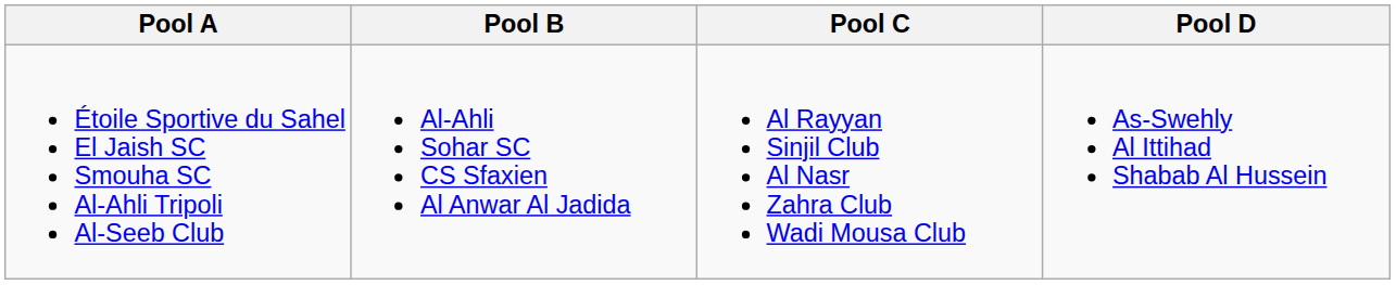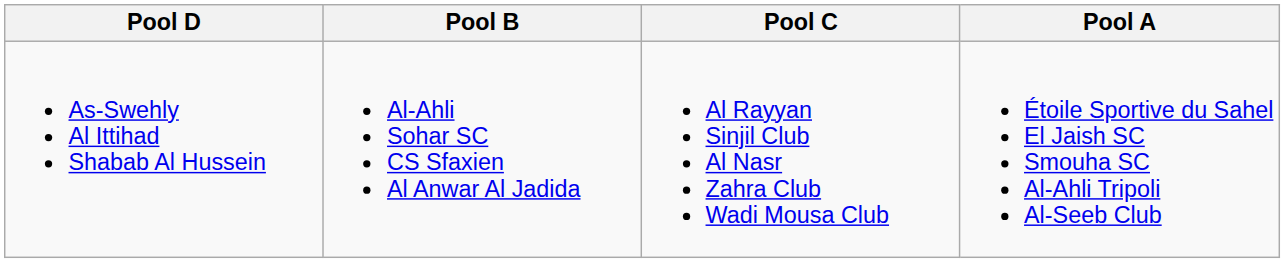 <table class="wikitable">
 <tr>
-<th width=25%>Pool A</th>
+<th width=25%>Pool D</th>
 <th width=25%>Pool B</th>
 <th width=25%>Pool C</th>
-<th width=25%>Pool D</th>
+<th width=25%>Pool A</th>
 </tr>
 <tr style="vertical-align: top;">
-<td><br><ul><li> <a href='#'>Étoile Sportive du Sahel</a></li><li> <a href='#'>El Jaish SC</a></li><li> <a href='#'>Smouha SC</a></li><li> <a href='#'>Al-Ahli Tripoli</a></li><li> <a href='#'>Al-Seeb Club</a></li></ul></td>
+<td><br><ul><li> <a href='#'>As-Swehly</a></li><li> <a href='#'>Al Ittihad</a></li><li> <a href='#'>Shabab Al Hussein</a></li></ul></td>
 <td><br><ul><li> <a href='#'>Al-Ahli</a></li><li> <a href='#'>Sohar SC</a></li><li> <a href='#'>CS Sfaxien</a></li><li> <a href='#'>Al Anwar Al Jadida</a></li></ul></td>
 <td><br><ul><li> <a href='#'>Al Rayyan</a></li><li> <a href='#'>Sinjil Club</a></li><li> <a href='#'>Al Nasr</a></li><li> <a href='#'>Zahra Club</a></li><li> <a href='#'>Wadi Mousa Club</a></li></ul></td>
-<td><br><ul><li> <a href='#'>As-Swehly</a></li><li> <a href='#'>Al Ittihad</a></li><li> <a href='#'>Shabab Al Hussein</a></li></ul></td>
+<td><br><ul><li> <a href='#'>Étoile Sportive du Sahel</a></li><li> <a href='#'>El Jaish SC</a></li><li> <a href='#'>Smouha SC</a></li><li> <a href='#'>Al-Ahli Tripoli</a></li><li> <a href='#'>Al-Seeb Club</a></li></ul></td>
 </tr>
 </table>
